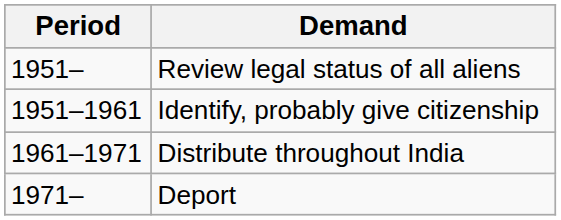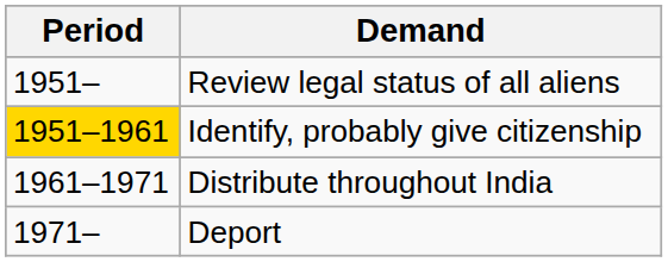 <table class="wikitable floatright" style="width: 321px">
 <tr>
 <th>Period</th>
 <th>Demand</th>
 </tr>
 <tr>
 <td style="font-size: 95%;">1951–</td>
 <td style="font-size: 95%;">Review legal status of all aliens</td>
 </tr>
 <tr>
-<td style="font-size: 95%;">1951–1961</td>
+<td style="background: gold; font-size: 95%;">1951–1961</td>
 <td style="font-size: 95%;">Identify, probably give citizenship</td>
 </tr>
 <tr>
 <td style="font-size: 95%;">1961–1971</td>
 <td style="font-size: 95%;">Distribute throughout India</td>
 </tr>
 <tr>
 <td style="font-size: 95%;">1971–</td>
 <td style="font-size: 95%;">Deport</td>
 </tr>
 </table>
